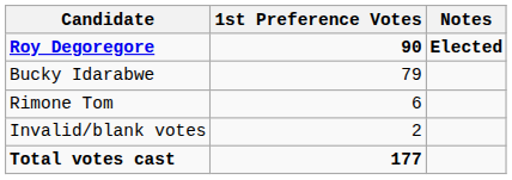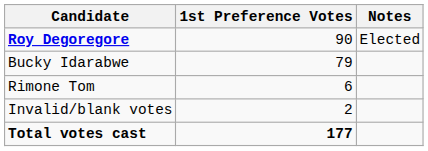 <table class=wikitable style=text-align:left>
 <tr>
 <th>Candidate</th>
 <th>1st Preference Votes</th>
 <th>Notes</th>
 </tr>
 <tr>
 <td><strong><a href='#'>Roy Degoregore</a></strong></td>
-<td align=right><strong>90</strong></td>
-<td><strong>Elected</strong></td>
+<td align=right>90</td>
+<td>Elected</td>
 </tr>
 <tr>
 <td>Bucky Idarabwe</td>
 <td align=right>79</td>
 <td></td>
 </tr>
 <tr>
 <td>Rimone Tom</td>
 <td align=right>6</td>
 <td></td>
 </tr>
 <tr>
 <td>Invalid/blank votes</td>
 <td align=right>2</td>
 <td></td>
 </tr>
 <tr>
 <td><strong>Total votes cast</strong></td>
 <td align=right><strong>177</strong></td>
 </tr>
 </table>
